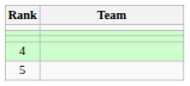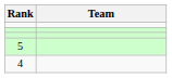 <table class=wikitable style="text-align:center;">
 <tr>
 <th>Rank</th>
 <th width=180>Team</th>
 </tr>
 <tr>
 <td></td>
 <td align=left></td>
 </tr>
 <tr bgcolor=#CCFFCC>
 <td></td>
 <td align=left></td>
 </tr>
 <tr bgcolor=#CCFFCC>
 <td></td>
 <td align=left></td>
 </tr>
 <tr bgcolor=#CCFFCC>
+<td>5</td>
+<td align=left></td>
+</tr>
+<tr>
 <td>4</td>
 <td align=left></td>
 </tr>
-<tr>
-<td>5</td>
-<td align=left></td>
-</tr>
 </table>
